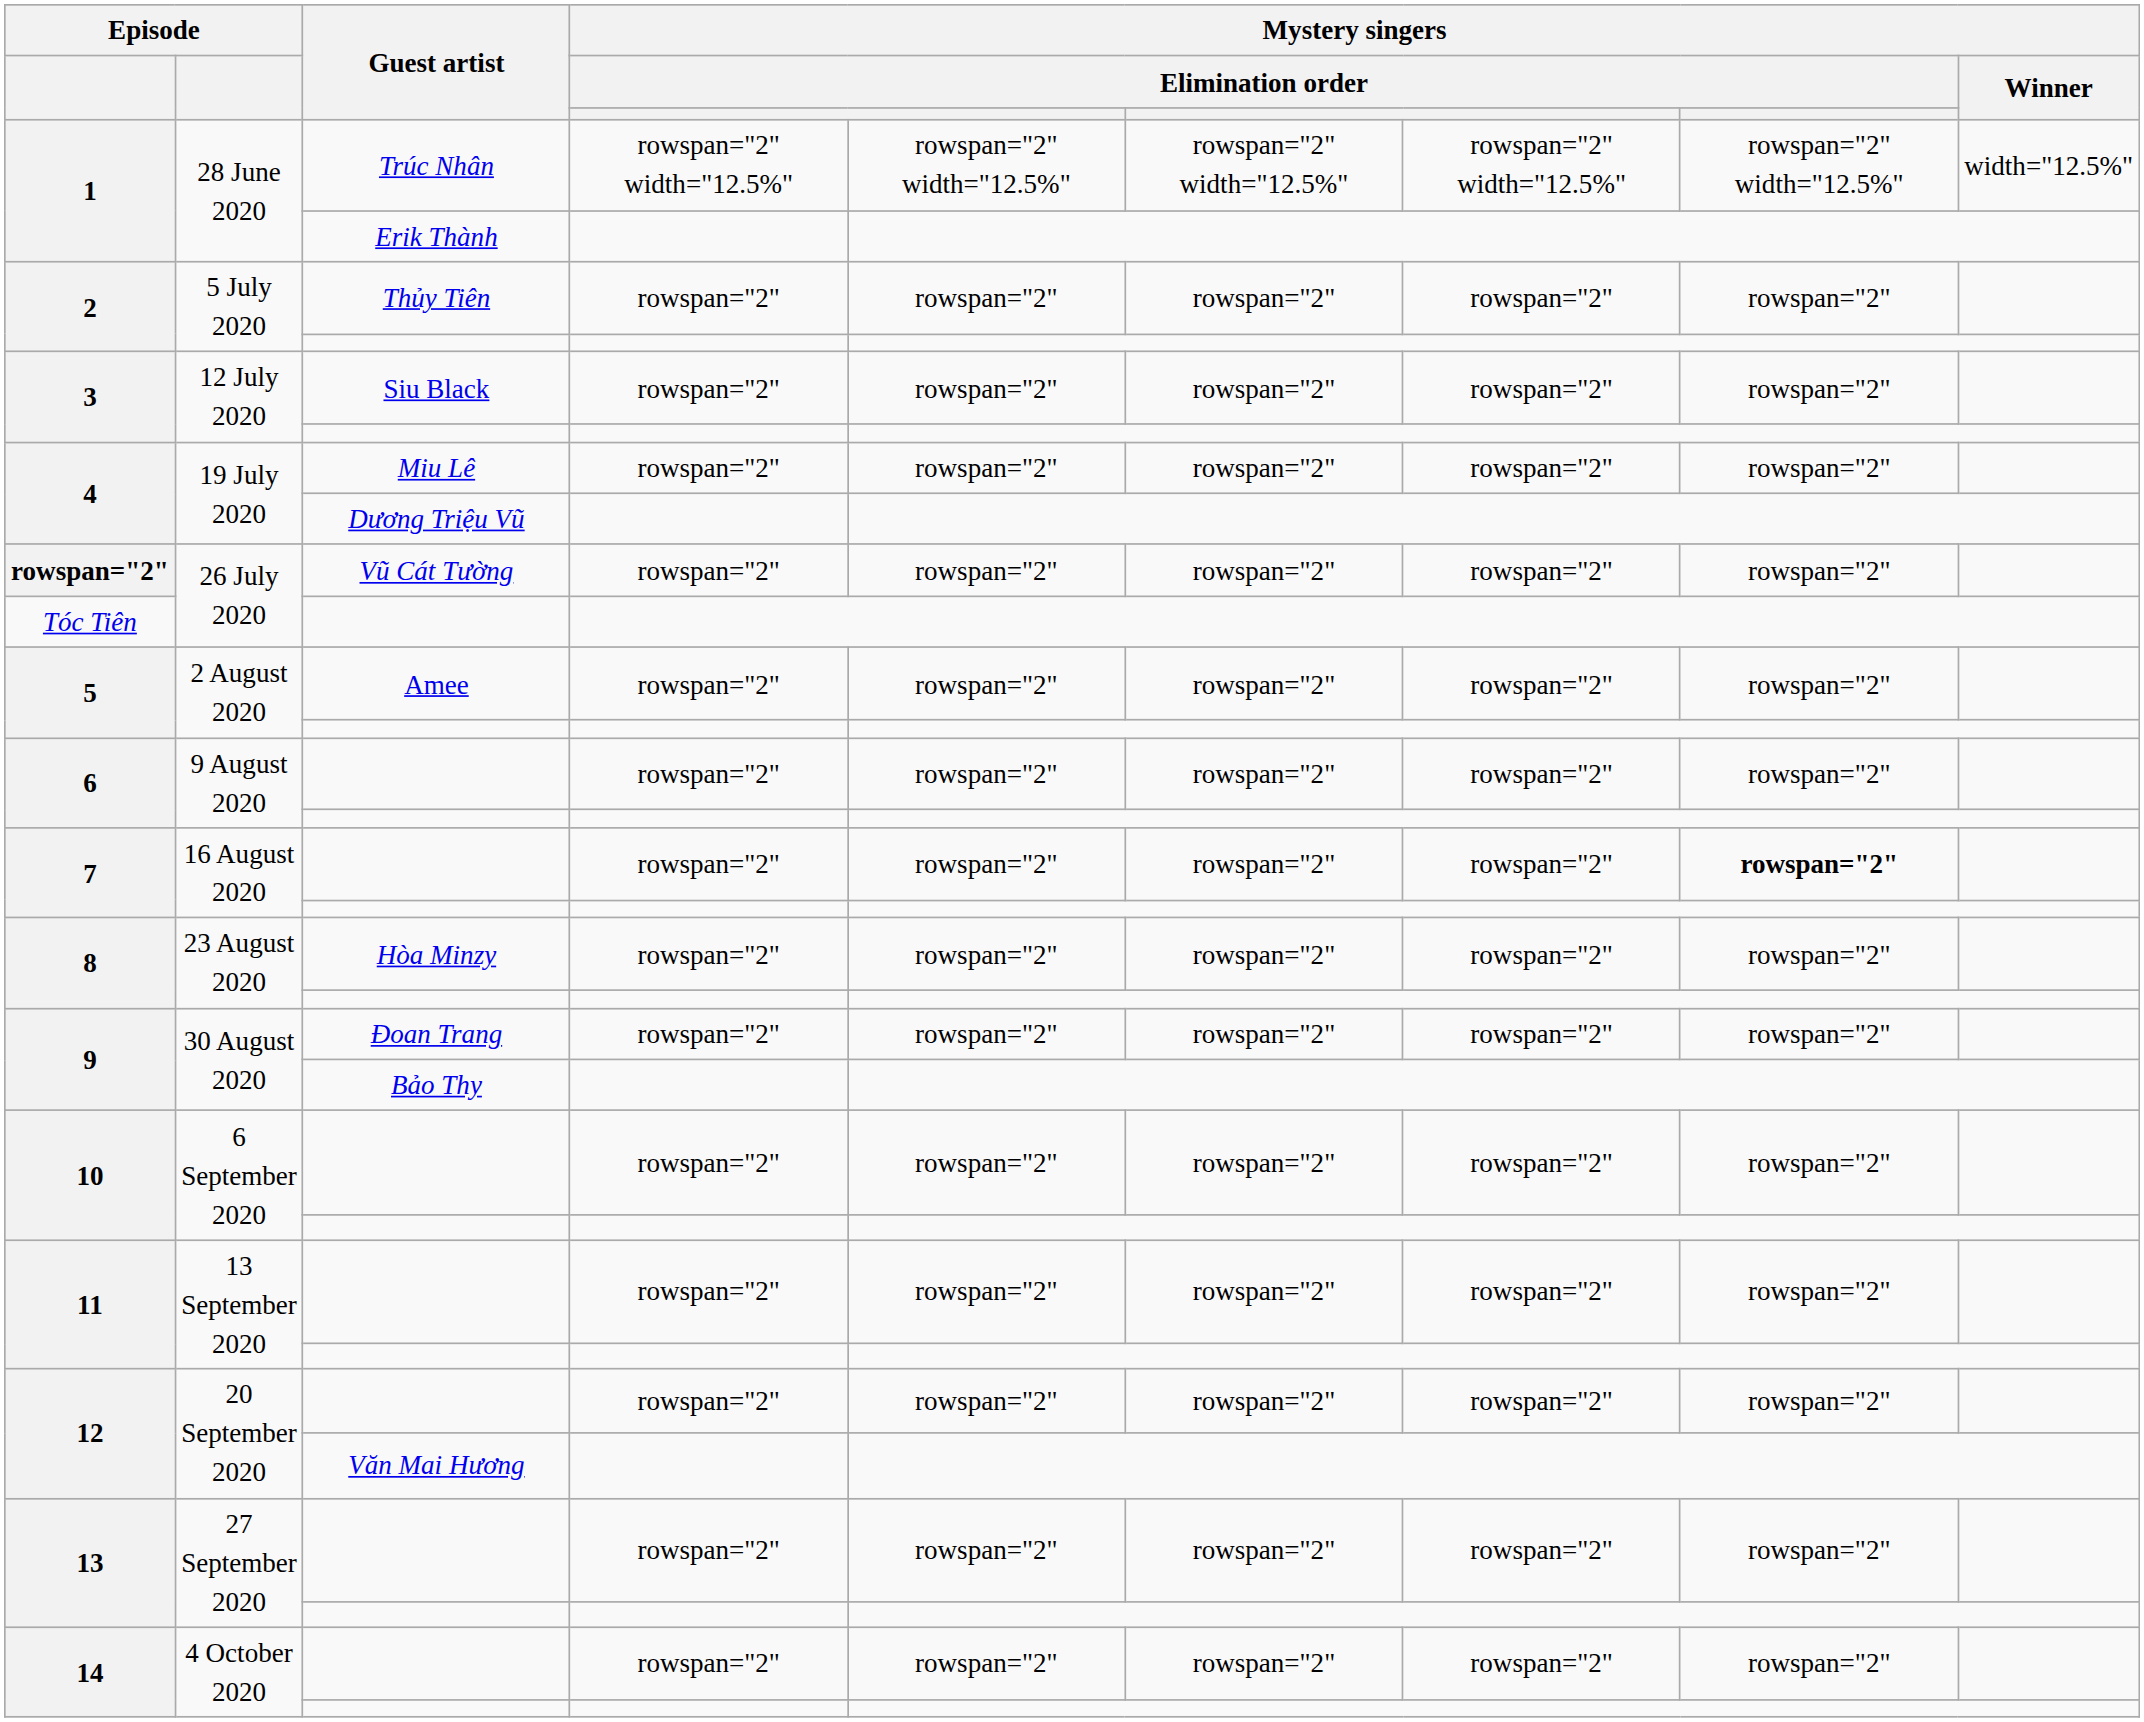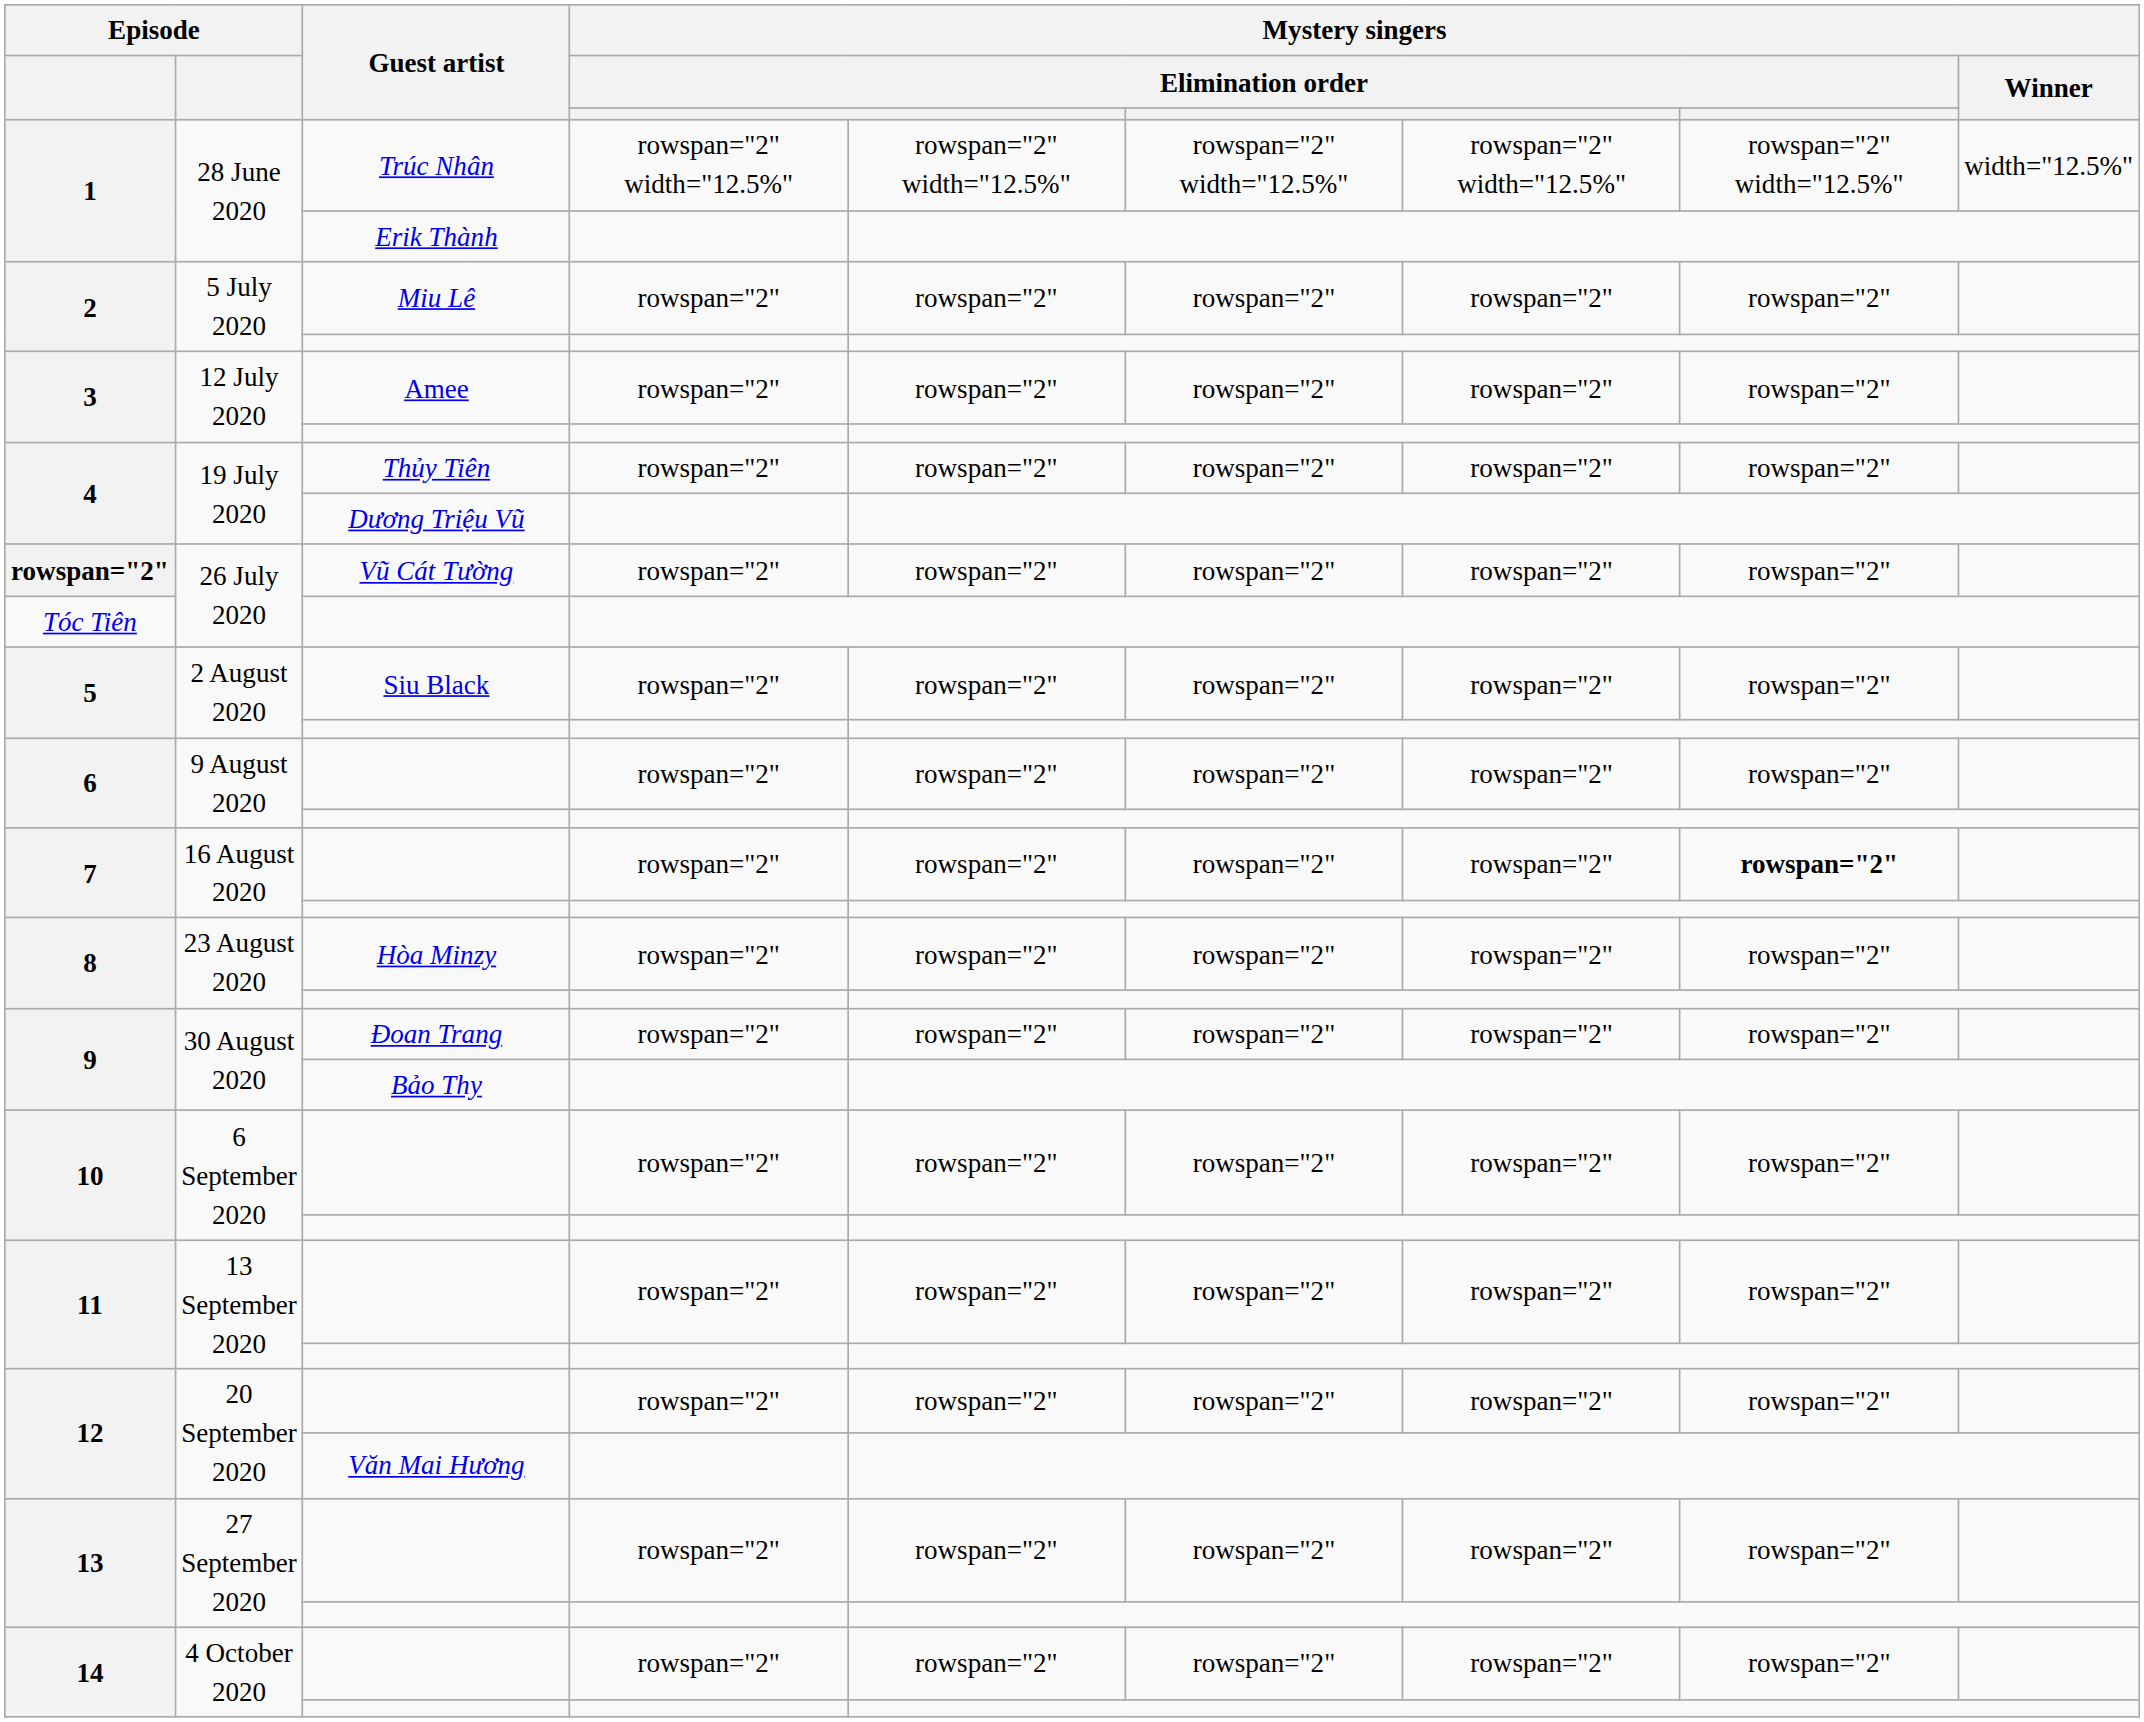 <table class="wikitable plainrowheaders mw-collapsible" style="text-align:center; line-height:23px; width:100%;">
 <tr>
 <th colspan="2" width="1%">Episode</th>
 <th rowspan="3" width="12.5%">Guest artist</th>
 <th colspan="6">Mystery singers<br></th>
 </tr>
 <tr>
 <th rowspan="2"></th>
 <th rowspan="2"></th>
 <th colspan="5">Elimination order</th>
 <th rowspan="2">Winner</th>
 </tr>
 <tr>
 <th colspan="2"></th>
 <th colspan="2"></th>
 <th></th>
 </tr>
 <tr>
 <th rowspan="2">1</th>
 <td rowspan="2">28 June 2020</td>
 <td><em><a href='#'>Trúc Nhân</a></em></td>
 <td>rowspan="2" width="12.5%" </td>
 <td>rowspan="2" width="12.5%" </td>
 <td>rowspan="2" width="12.5%" </td>
 <td>rowspan="2" width="12.5%" </td>
 <td>rowspan="2" width="12.5%" </td>
 <td>width="12.5%" </td>
 </tr>
 <tr>
 <td><em><a href='#'>Erik Thành</a></em></td>
 <td></td>
 </tr>
 <tr>
 <th rowspan="2">2</th>
 <td rowspan="2">5 July 2020</td>
-<td><em><a href='#'>Thủy Tiên</a></em></td>
+<td><em><a href='#'>Miu Lê</a></em></td>
 <td>rowspan="2" </td>
 <td>rowspan="2" </td>
 <td>rowspan="2" </td>
 <td>rowspan="2" </td>
 <td>rowspan="2" </td>
 <td></td>
 </tr>
 <tr>
 <td></td>
 <td></td>
 </tr>
 <tr>
 <th rowspan="2">3</th>
 <td rowspan="2">12 July 2020</td>
-<td><a href='#'>Siu Black</a></td>
+<td><a href='#'>Amee</a></td>
 <td>rowspan="2" </td>
 <td>rowspan="2" </td>
 <td>rowspan="2" </td>
 <td>rowspan="2" </td>
 <td>rowspan="2" </td>
 <td></td>
 </tr>
 <tr>
 <td></td>
 <td></td>
 </tr>
 <tr>
 <th rowspan="2">4</th>
 <td rowspan="2">19 July 2020</td>
-<td><em><a href='#'>Miu Lê</a></em></td>
+<td><em><a href='#'>Thủy Tiên</a></em></td>
 <td>rowspan="2" </td>
 <td>rowspan="2" </td>
 <td>rowspan="2" </td>
 <td>rowspan="2" </td>
 <td>rowspan="2" </td>
 <td></td>
 </tr>
 <tr>
 <td><em><a href='#'>Dương Triệu Vũ</a></em></td>
 <td></td>
 </tr>
 <tr>
 <th>rowspan="2" </th>
 <td rowspan="2">26 July 2020</td>
 <td><em><a href='#'>Vũ Cát Tường</a></em></td>
 <td>rowspan="2" </td>
 <td>rowspan="2" </td>
 <td>rowspan="2" </td>
 <td>rowspan="2" </td>
 <td>rowspan="2" </td>
 <td></td>
 </tr>
 <tr>
 <td><em><a href='#'>Tóc Tiên</a></em></td>
 <td></td>
 </tr>
 <tr>
 <th rowspan="2">5</th>
 <td rowspan="2">2 August 2020</td>
-<td><a href='#'>Amee</a></td>
+<td><a href='#'>Siu Black</a></td>
 <td>rowspan="2" </td>
 <td>rowspan="2" </td>
 <td>rowspan="2" </td>
 <td>rowspan="2" </td>
 <td>rowspan="2" </td>
 <td></td>
 </tr>
 <tr>
 <td><em></em></td>
 <td></td>
 </tr>
 <tr>
 <th rowspan="2">6</th>
 <td rowspan="2">9 August 2020</td>
 <td><em></em></td>
 <td>rowspan="2" </td>
 <td>rowspan="2" </td>
 <td>rowspan="2" </td>
 <td>rowspan="2" </td>
 <td>rowspan="2" </td>
 <td></td>
 </tr>
 <tr>
 <td></td>
 <td></td>
 </tr>
 <tr>
 <th rowspan="2">7</th>
 <td rowspan="2">16 August 2020</td>
 <td><em></em></td>
 <td>rowspan="2" </td>
 <td>rowspan="2" </td>
 <td>rowspan="2" </td>
 <td>rowspan="2" </td>
 <td><strong>rowspan="2" </strong></td>
 <td></td>
 </tr>
 <tr>
 <td></td>
 <td></td>
 </tr>
 <tr>
 <th rowspan="2">8</th>
 <td rowspan="2">23 August 2020</td>
 <td><em><a href='#'>Hòa Minzy</a></em></td>
 <td>rowspan="2" </td>
 <td>rowspan="2" </td>
 <td>rowspan="2" </td>
 <td>rowspan="2" </td>
 <td>rowspan="2" </td>
 <td></td>
 </tr>
 <tr>
 <td><em></em></td>
 <td></td>
 </tr>
 <tr>
 <th rowspan="2">9</th>
 <td rowspan="2">30 August 2020</td>
 <td><em><a href='#'>Đoan Trang</a></em></td>
 <td>rowspan="2" </td>
 <td>rowspan="2" </td>
 <td>rowspan="2" </td>
 <td>rowspan="2" </td>
 <td>rowspan="2" </td>
 <td></td>
 </tr>
 <tr>
 <td><em><a href='#'>Bảo Thy</a></em></td>
 <td></td>
 </tr>
 <tr>
 <th rowspan="2">10</th>
 <td rowspan="2">6 September 2020</td>
 <td><em></em></td>
 <td>rowspan="2" </td>
 <td>rowspan="2" </td>
 <td>rowspan="2" </td>
 <td>rowspan="2" </td>
 <td>rowspan="2" </td>
 <td></td>
 </tr>
 <tr>
 <td></td>
 <td></td>
 </tr>
 <tr>
 <th rowspan="2">11</th>
 <td rowspan="2">13 September 2020</td>
 <td><em></em></td>
 <td>rowspan="2" </td>
 <td>rowspan="2" </td>
 <td>rowspan="2" </td>
 <td>rowspan="2" </td>
 <td>rowspan="2" </td>
 <td></td>
 </tr>
 <tr>
 <td><em></em></td>
 <td></td>
 </tr>
 <tr>
 <th rowspan="2">12</th>
 <td rowspan="2">20 September 2020</td>
 <td></td>
 <td>rowspan="2" </td>
 <td>rowspan="2" </td>
 <td>rowspan="2" </td>
 <td>rowspan="2" </td>
 <td>rowspan="2" </td>
 <td></td>
 </tr>
 <tr>
 <td><em><a href='#'>Văn Mai Hương</a></em></td>
 <td></td>
 </tr>
 <tr>
 <th rowspan="2">13</th>
 <td rowspan="2">27 September 2020</td>
 <td><em></em></td>
 <td>rowspan="2" </td>
 <td>rowspan="2" </td>
 <td>rowspan="2" </td>
 <td>rowspan="2" </td>
 <td>rowspan="2" </td>
 <td></td>
 </tr>
 <tr>
 <td><em></em></td>
 <td></td>
 </tr>
 <tr>
 <th rowspan="2">14</th>
 <td rowspan="2">4 October 2020</td>
 <td><em></em></td>
 <td>rowspan="2" </td>
 <td>rowspan="2" </td>
 <td>rowspan="2" </td>
 <td>rowspan="2" </td>
 <td>rowspan="2" </td>
 <td></td>
 </tr>
 <tr>
 <td></td>
 <td></td>
 </tr>
 </table>
